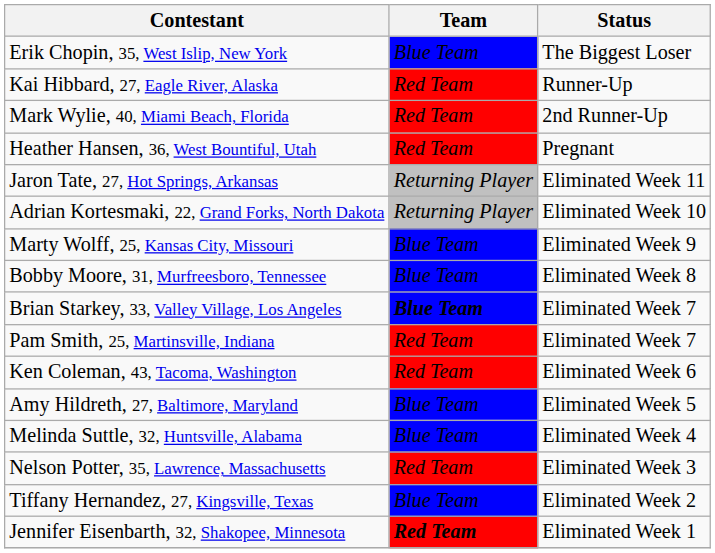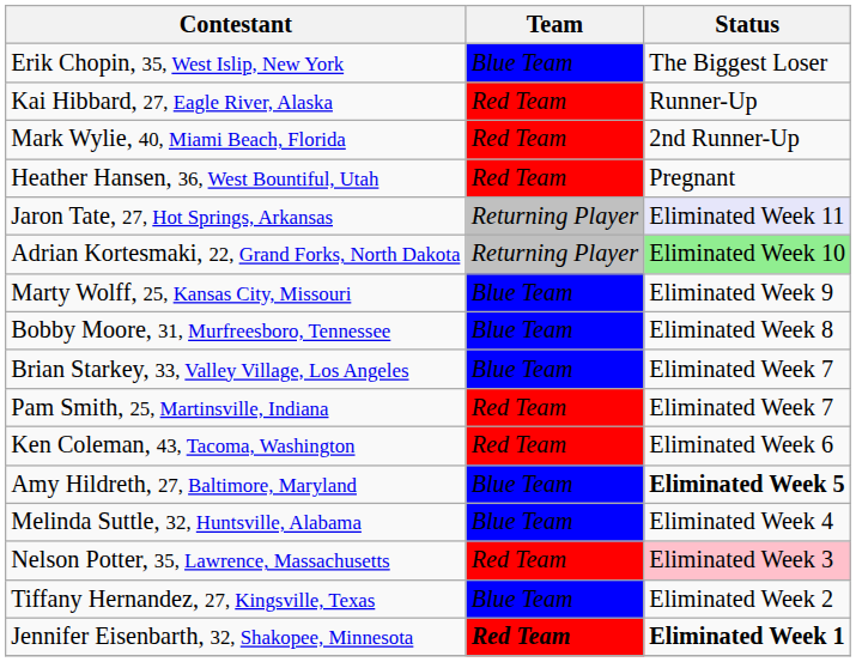 <table class="wikitable sortable">
 <tr>
 <th>Contestant</th>
 <th>Team</th>
 <th>Status</th>
 </tr>
 <tr>
 <td>Erik Chopin, <small>35, <a href='#'>West Islip, New York</a></small></td>
 <td bgcolor="blue"><span><em>Blue Team</em></span></td>
 <td>The Biggest Loser</td>
 </tr>
 <tr>
 <td>Kai Hibbard, <small>27, <a href='#'>Eagle River, Alaska</a></small></td>
 <td bgcolor="red"><span><em>Red Team</em></span></td>
 <td>Runner-Up</td>
 </tr>
 <tr>
 <td>Mark Wylie, <small>40, <a href='#'>Miami Beach, Florida</a></small></td>
 <td bgcolor="red"><span><em>Red Team</em></span></td>
 <td>2nd Runner-Up</td>
 </tr>
 <tr>
 <td>Heather Hansen, <small>36, <a href='#'>West Bountiful, Utah</a></small></td>
 <td bgcolor="red"><span><em>Red Team</em></span></td>
 <td>Pregnant</td>
 </tr>
 <tr>
 <td>Jaron Tate, <small>27, <a href='#'>Hot Springs, Arkansas</a></small></td>
 <td bgcolor="Silver"><span><em>Returning Player</em></span></td>
-<td>Eliminated Week 11</td>
+<td style="background: lavender;">Eliminated Week 11</td>
 </tr>
 <tr>
 <td>Adrian Kortesmaki, <small>22, <a href='#'>Grand Forks, North Dakota</a></small></td>
 <td bgcolor="Silver"><span><em>Returning Player</em></span></td>
-<td>Eliminated Week 10</td>
+<td style="background: lightgreen;">Eliminated Week 10</td>
 </tr>
 <tr>
 <td>Marty Wolff, <small>25, <a href='#'>Kansas City, Missouri</a></small></td>
 <td bgcolor="blue"><span><em>Blue Team</em></span></td>
 <td>Eliminated Week 9</td>
 </tr>
 <tr>
 <td>Bobby Moore, <small>31, <a href='#'>Murfreesboro, Tennessee</a></small></td>
 <td bgcolor="blue"><span><em>Blue Team</em></span></td>
 <td>Eliminated Week 8</td>
 </tr>
 <tr>
 <td>Brian Starkey, <small>33, <a href='#'>Valley Village, Los Angeles</a></small></td>
-<td bgcolor="blue"><strong><span><em>Blue Team</em></span></strong></td>
+<td bgcolor="blue"><span><em>Blue Team</em></span></td>
 <td>Eliminated Week 7</td>
 </tr>
 <tr>
 <td>Pam Smith, <small>25, <a href='#'>Martinsville, Indiana</a></small></td>
 <td bgcolor="red"><span><em>Red Team</em></span></td>
 <td>Eliminated Week 7</td>
 </tr>
 <tr>
 <td>Ken Coleman, <small>43, <a href='#'>Tacoma, Washington</a></small></td>
 <td bgcolor="red"><span><em>Red Team</em></span></td>
 <td>Eliminated Week 6</td>
 </tr>
 <tr>
 <td>Amy Hildreth, <small>27, <a href='#'>Baltimore, Maryland</a></small></td>
 <td bgcolor="blue"><span><em>Blue Team</em></span></td>
-<td>Eliminated Week 5</td>
+<td><strong>Eliminated Week 5</strong></td>
 </tr>
 <tr>
 <td>Melinda Suttle, <small>32, <a href='#'>Huntsville, Alabama</a></small></td>
 <td bgcolor="blue"><span><em>Blue Team</em></span></td>
 <td>Eliminated Week 4</td>
 </tr>
 <tr>
 <td>Nelson Potter, <small>35, <a href='#'>Lawrence, Massachusetts</a></small></td>
 <td bgcolor="red"><span><em>Red Team</em></span></td>
-<td>Eliminated Week 3</td>
+<td style="background: pink;">Eliminated Week 3</td>
 </tr>
 <tr>
 <td>Tiffany Hernandez, <small>27, <a href='#'>Kingsville, Texas</a></small></td>
 <td bgcolor="blue"><span><em>Blue Team</em></span></td>
 <td>Eliminated Week 2</td>
 </tr>
 <tr>
 <td>Jennifer Eisenbarth, <small>32, <a href='#'>Shakopee, Minnesota</a></small></td>
 <td bgcolor="red"><strong><span><em>Red Team</em></span></strong></td>
-<td>Eliminated Week 1</td>
+<td><strong>Eliminated Week 1</strong></td>
 </tr>
 <tr>
 </tr>
 </table>
